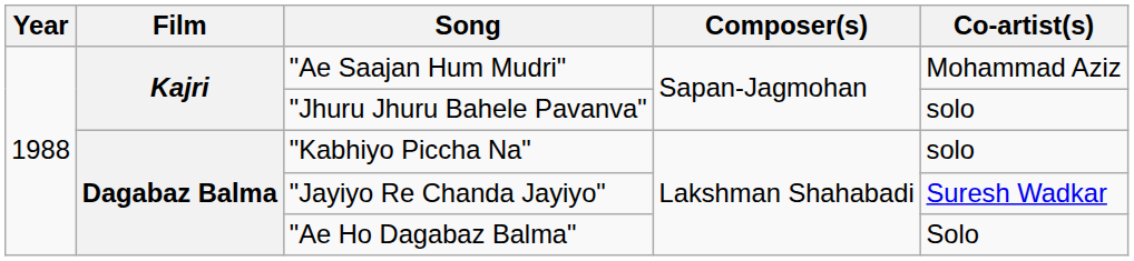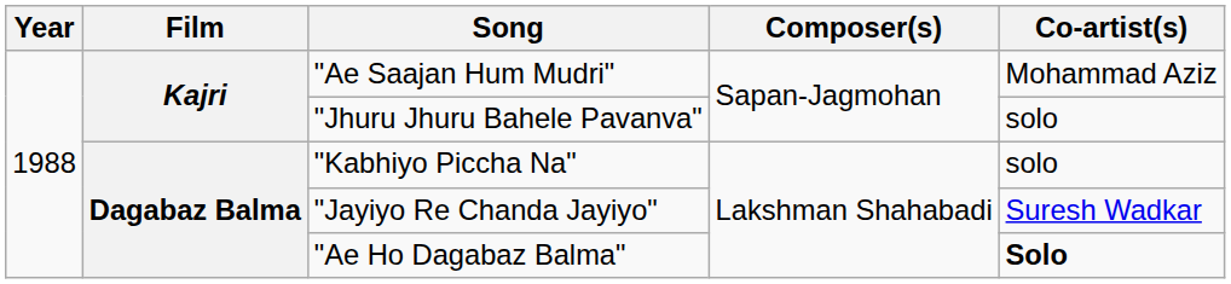 <table class="wikitable">
 <tr>
 <th>Year</th>
 <th>Film</th>
 <th>Song</th>
 <th>Composer(s)</th>
 <th>Co-artist(s)</th>
 </tr>
 <tr>
 <td rowspan="5">1988</td>
 <th rowspan=2><em>Kajri</em></th>
 <td>"Ae Saajan Hum Mudri"</td>
 <td rowspan=2>Sapan-Jagmohan</td>
 <td>Mohammad Aziz</td>
 </tr>
 <tr>
 <td>"Jhuru Jhuru Bahele Pavanva"</td>
 <td>solo</td>
 </tr>
 <tr>
 <th rowspan="3">Dagabaz  Balma</th>
 <td>"Kabhiyo Piccha Na"</td>
 <td rowspan="3">Lakshman Shahabadi</td>
 <td>solo</td>
 </tr>
 <tr>
 <td>"Jayiyo Re Chanda Jayiyo"</td>
 <td><a href='#'>Suresh Wadkar</a></td>
 </tr>
 <tr>
 <td>"Ae Ho Dagabaz Balma"</td>
-<td>Solo</td>
+<td><strong>Solo</strong></td>
 </tr>
 </table>
